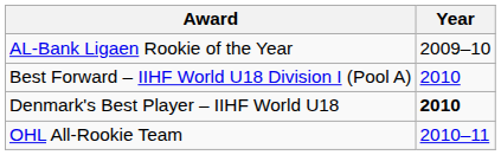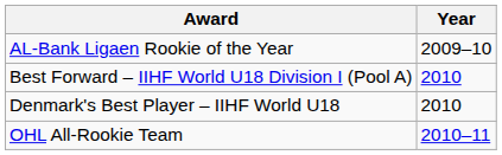 <table class="wikitable" border="1">
 <tr>
 <th>Award</th>
 <th>Year</th>
 </tr>
 <tr>
 <td><a href='#'>AL-Bank Ligaen</a> Rookie of the Year</td>
 <td>2009–10</td>
 </tr>
 <tr>
 <td>Best Forward – <a href='#'>IIHF World U18 Division I</a> (Pool A)</td>
 <td><a href='#'>2010</a></td>
 </tr>
 <tr>
 <td>Denmark's Best Player – IIHF World U18</td>
-<td><strong>2010</strong></td>
+<td>2010</td>
 </tr>
 <tr>
 <td><a href='#'>OHL</a> All-Rookie Team</td>
 <td><a href='#'>2010–11</a></td>
 </tr>
 </table>
